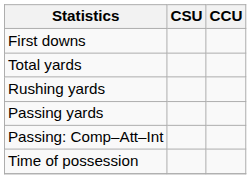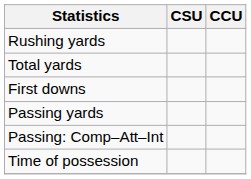 <table class="wikitable" style="float: left;">
 <tr>
 <th>Statistics</th>
 <th>CSU</th>
 <th>CCU</th>
 </tr>
 <tr>
-<td>First downs</td>
+<td>Rushing yards</td>
 <td></td>
 <td></td>
 </tr>
 <tr>
 <td>Total yards</td>
 <td></td>
 <td></td>
 </tr>
 <tr>
-<td>Rushing yards</td>
+<td>First downs</td>
 <td></td>
 <td></td>
 </tr>
 <tr>
 <td>Passing yards</td>
 <td></td>
 <td></td>
 </tr>
 <tr>
 <td>Passing: Comp–Att–Int</td>
 <td></td>
 <td></td>
 </tr>
 <tr>
 <td>Time of possession</td>
 <td></td>
 <td></td>
 </tr>
 <tr>
 </tr>
 </table>
